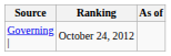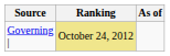 <table class="wikitable" style="text-align:center">
 <tr>
 <th>Source</th>
 <th>Ranking</th>
 <th>As of</th>
 </tr>
 <tr>
 <td style="text-align:left"><a href='#'>Governing</a><br>| </td>
-<td>October 24, 2012</td>
+<td style="background: khaki;">October 24, 2012</td>
 </tr>
 </table>
